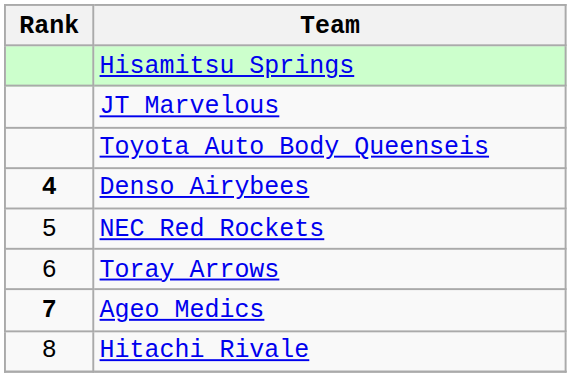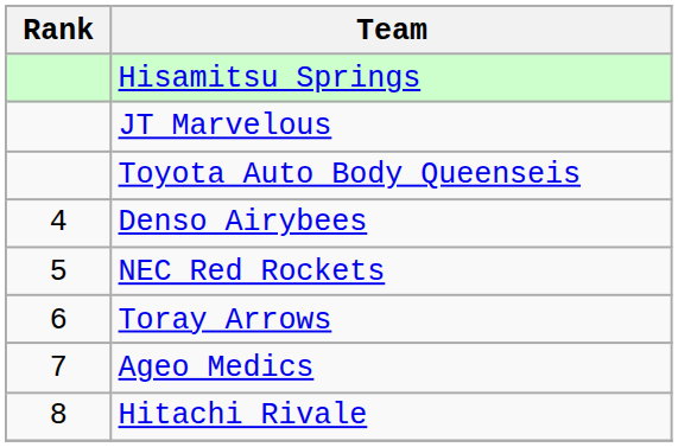 <table class="wikitable" style="text-align: center;">
 <tr>
 <th width=40>Rank</th>
 <th width=240>Team</th>
 </tr>
 <tr bgcolor=#ccffcc>
 <td></td>
 <td align=left><a href='#'>Hisamitsu Springs</a></td>
 </tr>
 <tr>
 <td></td>
 <td align=left><a href='#'>JT Marvelous</a></td>
 </tr>
 <tr>
 <td></td>
 <td align=left><a href='#'>Toyota Auto Body Queenseis</a></td>
 </tr>
 <tr>
-<td><strong>4</strong></td>
+<td>4</td>
 <td align=left><a href='#'>Denso Airybees</a></td>
 </tr>
 <tr>
 <td>5</td>
 <td align=left><a href='#'>NEC Red Rockets</a></td>
 </tr>
 <tr>
 <td>6</td>
 <td align=left><a href='#'>Toray Arrows</a></td>
 </tr>
 <tr>
-<td><strong>7</strong></td>
+<td>7</td>
 <td align=left><a href='#'>Ageo Medics</a></td>
 </tr>
 <tr>
 <td>8</td>
 <td align=left><a href='#'>Hitachi Rivale</a></td>
 </tr>
 <tr>
 </tr>
 </table>
